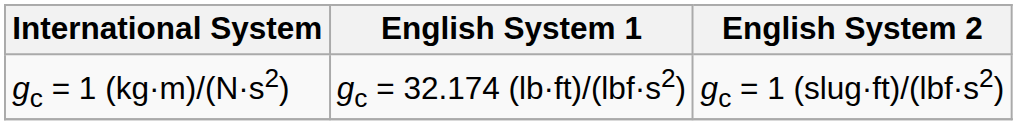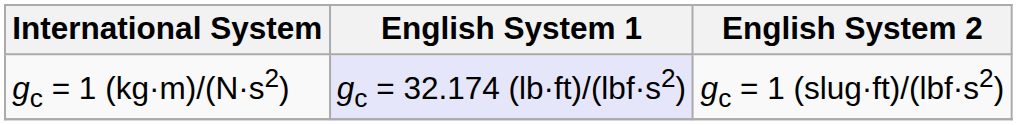 <table class="wikitable">
 <tr>
 <th>International System</th>
 <th>English System 1</th>
 <th>English System 2</th>
 </tr>
 <tr>
 <td><em>g</em><sub>c</sub> = 1 (kg·m)/(N·s<sup>2</sup>)</td>
-<td><em>g</em><sub>c</sub> = 32.174 (lb·ft)/(lbf·s<sup>2</sup>)</td>
+<td style="background: lavender;"><em>g</em><sub>c</sub> = 32.174 (lb·ft)/(lbf·s<sup>2</sup>)</td>
 <td><em>g</em><sub>c</sub> = 1 (slug·ft)/(lbf·s<sup>2</sup>)</td>
 </tr>
 <tr>
 </tr>
 </table>
